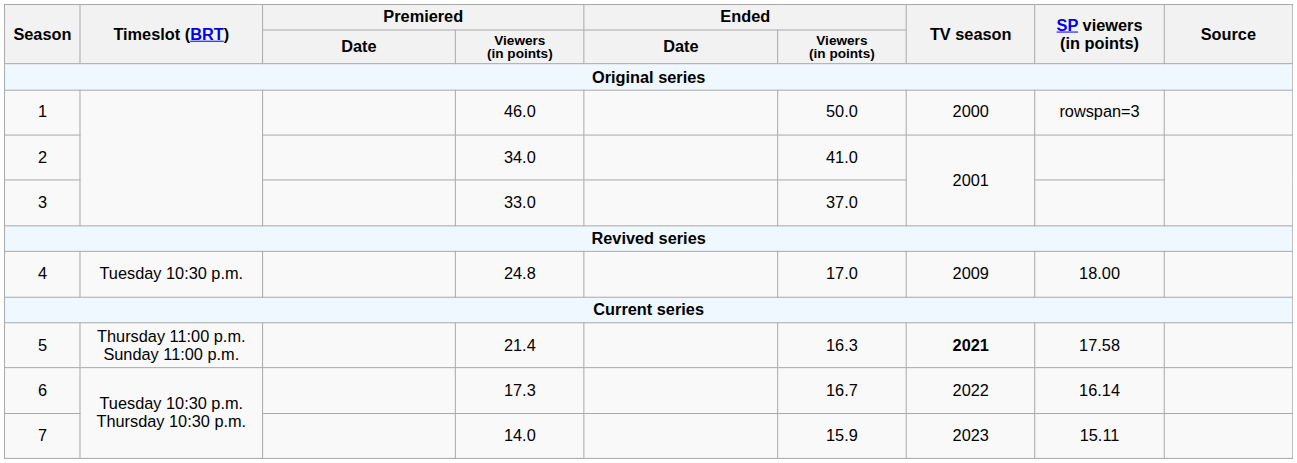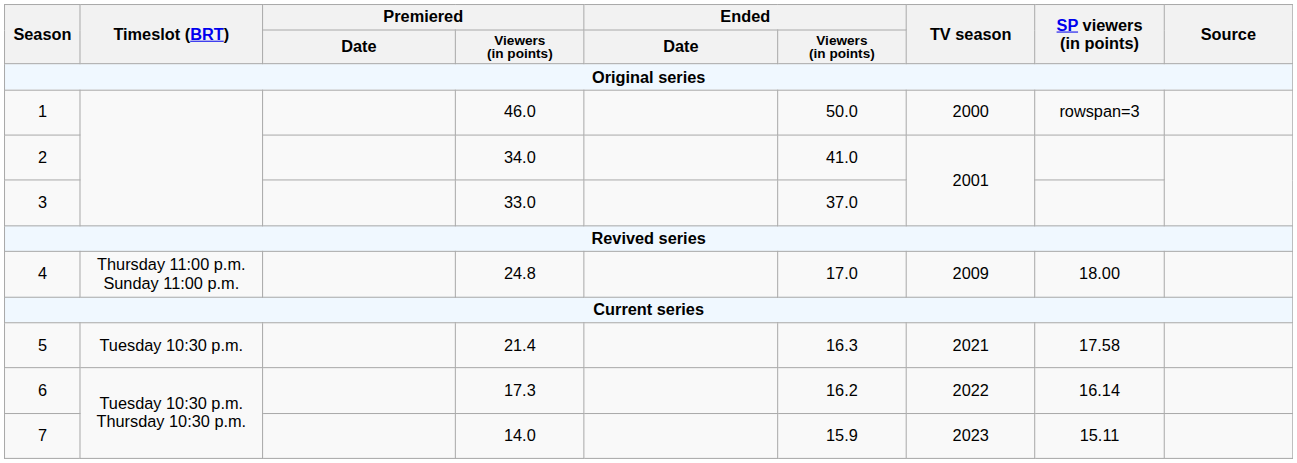 <table class="wikitable" style="text-align:center; width:100%;">
 <tr>
 <th rowspan=2>Season</th>
 <th rowspan=2>Timeslot (<a href='#'>BRT</a>)</th>
 <th colspan=2 width="25%">Premiered</th>
 <th colspan=2 width="25%">Ended</th>
 <th rowspan=2 width="10%">TV season</th>
 <th rowspan=2 width="10%"><a href='#'>SP</a> viewers<br>(in points)</th>
 <th rowspan=2 width="10%">Source</th>
 </tr>
 <tr>
 <th>Date</th>
 <th span style="width:10%; font-size:smaller; font-weight:bold; line-height:100%;">Viewers<br>(in points)</th>
 <th>Date</th>
 <th span style="width:10%; font-size:smaller; font-weight:bold; line-height:100%;">Viewers<br>(in points)</th>
 </tr>
 <tr>
 <td bgcolor="F0F8FF" colspan=9><strong>Original series</strong></td>
 </tr>
 <tr>
 <td style="height:37px">1</td>
 <td rowspan=3></td>
 <td></td>
 <td>46.0</td>
 <td></td>
 <td>50.0</td>
 <td>2000</td>
 <td>rowspan=3 </td>
 <td></td>
 </tr>
 <tr>
 <td style="height:37px">2</td>
 <td></td>
 <td>34.0</td>
 <td></td>
 <td>41.0</td>
 <td rowspan=2>2001</td>
 <td></td>
 </tr>
 <tr>
 <td style="height:37px">3</td>
 <td></td>
 <td>33.0</td>
 <td></td>
 <td>37.0</td>
 <td></td>
 </tr>
 <tr>
 <td bgcolor="F0F8FF" colspan=9><strong>Revived series</strong></td>
 </tr>
 <tr>
 <td style="height:37px">4</td>
-<td>Tuesday 10:30 p.m.</td>
+<td>Thursday 11:00 p.m.<br>Sunday 11:00 p.m.</td>
 <td></td>
 <td>24.8</td>
 <td></td>
 <td>17.0</td>
 <td>2009</td>
 <td>18.00</td>
 <td></td>
 </tr>
 <tr>
 <td bgcolor="F0F8FF" colspan=9><strong>Current series</strong></td>
 </tr>
 <tr>
 <td style="height:37px">5</td>
-<td>Thursday 11:00 p.m.<br>Sunday 11:00 p.m.</td>
+<td>Tuesday 10:30 p.m.</td>
 <td></td>
 <td>21.4</td>
 <td></td>
 <td>16.3</td>
-<td><strong>2021</strong></td>
+<td>2021</td>
 <td>17.58</td>
 <td><br></td>
 </tr>
 <tr>
 <td style="height:37px">6</td>
 <td rowspan=2>Tuesday 10:30 p.m.<br>Thursday 10:30 p.m.</td>
 <td></td>
 <td>17.3</td>
 <td></td>
-<td>16.7</td>
+<td>16.2</td>
 <td>2022</td>
 <td>16.14</td>
 <td><br></td>
 </tr>
 <tr>
 <td style="height:37px">7</td>
 <td></td>
 <td>14.0</td>
 <td></td>
 <td>15.9</td>
 <td>2023</td>
 <td>15.11</td>
 <td><br></td>
 </tr>
 </table>
